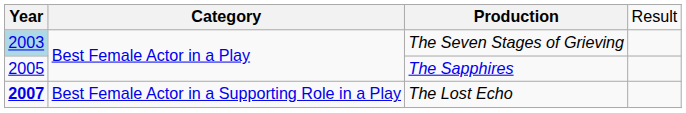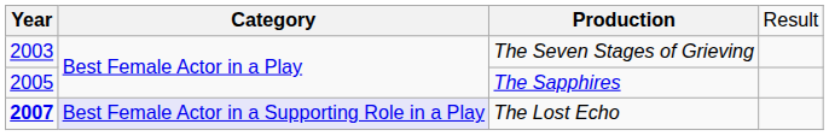 <table class="wikitable">
 <tr>
 <th>Year</th>
 <th>Category</th>
 <th>Production</th>
 <td>Result</td>
 </tr>
 <tr>
-<td style="background: lightblue;"><a href='#'>2003</a></td>
+<td><a href='#'>2003</a></td>
 <td rowspan=2><a href='#'>Best Female Actor in a Play</a></td>
 <td><em>The Seven Stages of Grieving</em></td>
 <td></td>
 </tr>
 <tr>
 <td><a href='#'>2005</a></td>
 <td><em><a href='#'>The Sapphires</a></em></td>
 <td></td>
 </tr>
 <tr>
 <td><strong><a href='#'>2007</a></strong></td>
-<td><a href='#'>Best Female Actor in a Supporting Role in a Play</a></td>
+<td style="background: lavender;"><a href='#'>Best Female Actor in a Supporting Role in a Play</a></td>
 <td><em>The Lost Echo</em></td>
 <td></td>
 </tr>
 </table>
